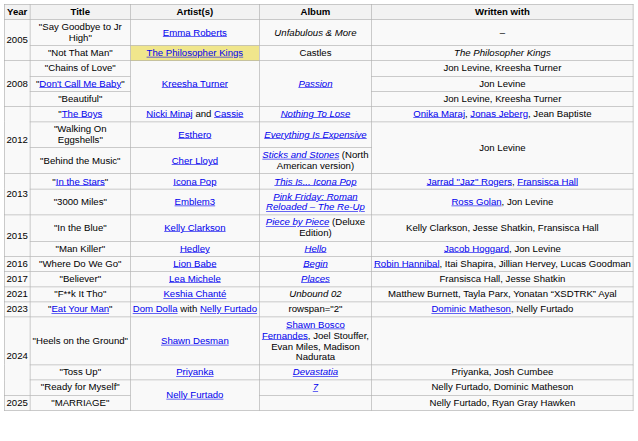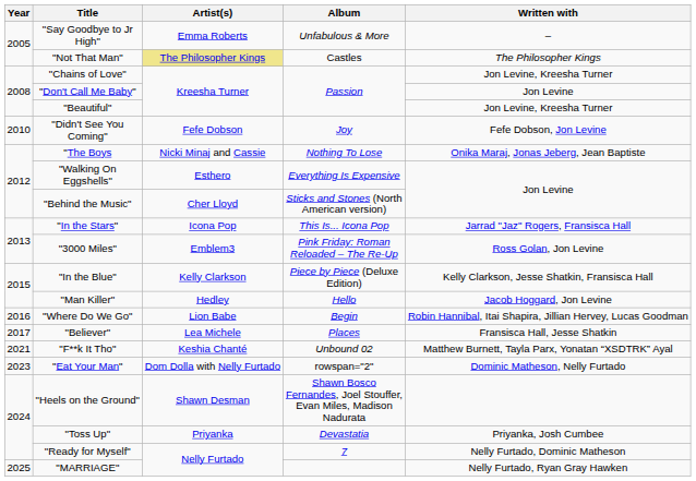 <table class="wikitable plainrowheaders" style="text-align:center;">
 <tr>
 <th scope="col">Year</th>
 <th scope="col" style="width:160px;">Title</th>
 <th scope="col">Artist(s)</th>
 <th scope="col" style="width:180px;">Album</th>
 <th scope="col">Written with</th>
 </tr>
 <tr>
 <td rowspan="2">2005</td>
 <td>"Say Goodbye to Jr High"</td>
 <td><a href='#'>Emma Roberts</a></td>
 <td><em>Unfabulous & More</em></td>
 <td>–</td>
 </tr>
 <tr>
 <td>"Not That Man"</td>
 <td style="background: khaki;"><a href='#'>The Philosopher Kings</a></td>
 <td>Castles</td>
 <td><em>The Philosopher Kings</em></td>
 </tr>
 <tr>
 <td rowspan="3">2008</td>
 <td>"Chains of Love"</td>
 <td rowspan="3"><a href='#'>Kreesha Turner</a></td>
 <td rowspan="3"><em><a href='#'>Passion</a></em></td>
 <td>Jon Levine, Kreesha Turner</td>
 </tr>
 <tr>
 <td>"<a href='#'>Don't Call Me Baby</a>"</td>
 <td>Jon Levine</td>
 </tr>
 <tr>
 <td>"Beautiful"</td>
 <td>Jon Levine, Kreesha Turner</td>
+</tr>
+<tr>
+<td>2010</td>
+<td>"Didn't See You Coming"</td>
+<td><a href='#'>Fefe Dobson</a></td>
+<td><em><a href='#'>Joy</a></em></td>
+<td>Fefe Dobson, <a href='#'>Jon Levine</a></td>
 </tr>
 <tr>
 <td rowspan="3">2012</td>
 <td>"<a href='#'>The Boys</a></td>
 <td><a href='#'>Nicki Minaj</a> and <a href='#'>Cassie</a></td>
 <td><em><a href='#'>Nothing To Lose</a></em></td>
 <td><a href='#'>Onika Maraj</a>, <a href='#'>Jonas Jeberg</a>, Jean Baptiste</td>
 </tr>
 <tr>
 <td>"Walking On Eggshells"</td>
 <td><a href='#'>Esthero</a></td>
 <td><em><a href='#'>Everything Is Expensive</a></em></td>
 <td rowspan="2">Jon Levine</td>
 </tr>
 <tr>
 <td>"Behind the Music"</td>
 <td><a href='#'>Cher Lloyd</a></td>
 <td><em><a href='#'>Sticks and Stones</a></em> (North American version)</td>
 </tr>
 <tr>
 <td rowspan="2">2013</td>
 <td>"<a href='#'>In the Stars</a>"</td>
 <td><a href='#'>Icona Pop</a></td>
 <td><em><a href='#'>This Is... Icona Pop</a></em></td>
 <td><a href='#'>Jarrad "Jaz" Rogers</a>, <a href='#'>Fransisca Hall</a></td>
 </tr>
 <tr>
 <td>"3000 Miles"</td>
 <td><a href='#'>Emblem3</a></td>
 <td><em><a href='#'>Pink Friday: Roman Reloaded – The Re-Up</a></em></td>
 <td><a href='#'>Ross Golan</a>, Jon Levine</td>
 </tr>
 <tr>
 <td rowspan="2">2015</td>
 <td>"In the Blue"</td>
 <td><a href='#'>Kelly Clarkson</a></td>
 <td><em><a href='#'>Piece by Piece</a></em> (Deluxe Edition)</td>
 <td>Kelly Clarkson, Jesse Shatkin, Fransisca Hall</td>
 </tr>
 <tr>
 <td>"Man Killer"</td>
 <td><a href='#'>Hedley</a></td>
 <td><em><a href='#'>Hello</a></em></td>
 <td><a href='#'>Jacob Hoggard</a>, Jon Levine</td>
 </tr>
 <tr>
 <td>2016</td>
 <td>"Where Do We Go"</td>
 <td><a href='#'>Lion Babe</a></td>
 <td><em><a href='#'>Begin</a></em></td>
 <td><a href='#'>Robin Hannibal</a>, Itai Shapira, 	Jillian Hervey, Lucas Goodman</td>
 </tr>
 <tr>
 <td>2017</td>
 <td>"Believer"</td>
 <td><a href='#'>Lea Michele</a></td>
 <td><em><a href='#'>Places</a></em></td>
 <td>Fransisca Hall, Jesse Shatkin</td>
 </tr>
 <tr>
 <td>2021</td>
 <td>"F**k It Tho"</td>
 <td><a href='#'>Keshia Chanté</a></td>
 <td><em>Unbound 02</em></td>
 <td>Matthew Burnett, Tayla Parx, Yonatan “XSDTRK” Ayal</td>
 </tr>
 <tr>
 <td>2023</td>
 <td>"<a href='#'>Eat Your Man</a>"</td>
 <td><a href='#'>Dom Dolla</a> with <a href='#'>Nelly Furtado</a></td>
 <td>rowspan="2" </td>
 <td><a href='#'>Dominic Matheson</a>, Nelly Furtado</td>
 </tr>
 <tr>
 <td rowspan="3">2024</td>
 <td>"Heels on the Ground"</td>
 <td><a href='#'>Shawn Desman</a></td>
 <td><a href='#'>Shawn Bosco Fernandes</a>, Joel Stouffer, Evan Miles, Madison Nadurata</td>
 </tr>
 <tr>
 <td>"Toss Up"</td>
 <td><a href='#'>Priyanka</a></td>
 <td><em><a href='#'>Devastatia</a></em></td>
 <td>Priyanka, Josh Cumbee</td>
 </tr>
 <tr>
 <td>"Ready for Myself"</td>
 <td rowspan="2"><a href='#'>Nelly Furtado</a></td>
 <td><em><a href='#'>7</a></em></td>
 <td>Nelly Furtado, Dominic Matheson</td>
 </tr>
 <tr>
 <td>2025</td>
 <td>"MARRIAGE"</td>
 <td></td>
 <td>Nelly Furtado, Ryan Gray Hawken</td>
 </tr>
 </table>
